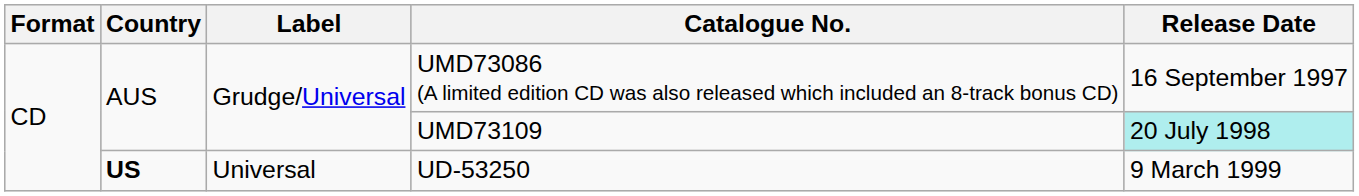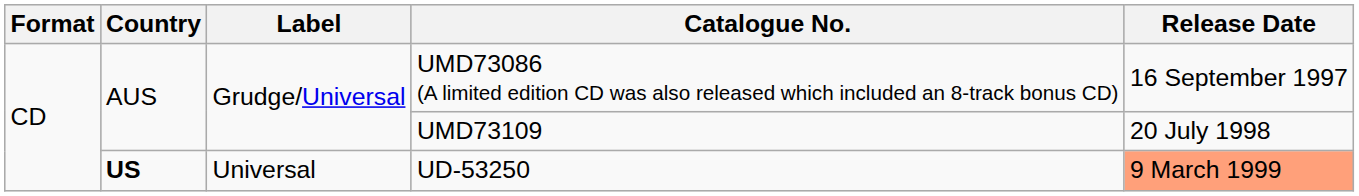 <table class="wikitable">
 <tr>
 <th>Format</th>
 <th>Country</th>
 <th>Label</th>
 <th>Catalogue No.</th>
 <th>Release Date</th>
 </tr>
 <tr>
 <td rowspan="3">CD</td>
 <td rowspan="2">AUS</td>
 <td rowspan="2">Grudge/<a href='#'>Universal</a></td>
 <td>UMD73086 <br><small>(A limited edition CD was also released which included an 8-track bonus CD)</small></td>
 <td>16 September 1997</td>
 </tr>
 <tr>
 <td>UMD73109</td>
-<td style="background: paleturquoise;">20 July 1998</td>
+<td>20 July 1998</td>
 </tr>
 <tr>
 <td><strong>US</strong></td>
 <td>Universal</td>
 <td>UD-53250</td>
-<td>9 March 1999</td>
+<td style="background: lightsalmon;">9 March 1999</td>
 </tr>
 </table>
